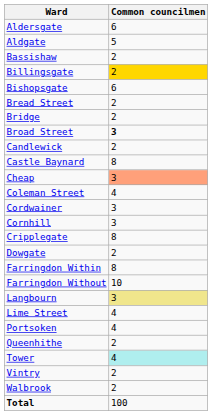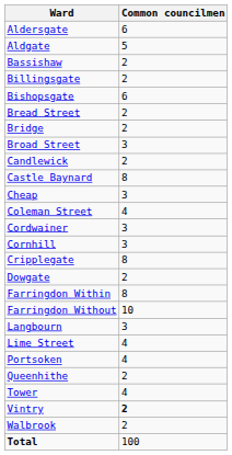 <table class="wikitable">
 <tr>
 <th>Ward</th>
 <th>Common councilmen</th>
 </tr>
 <tr>
 <td><a href='#'>Aldersgate</a></td>
 <td>6</td>
 </tr>
 <tr>
 <td><a href='#'>Aldgate</a></td>
 <td>5</td>
 </tr>
 <tr>
 <td><a href='#'>Bassishaw</a></td>
 <td>2</td>
 </tr>
 <tr>
 <td><a href='#'>Billingsgate</a></td>
-<td style="background: gold;">2</td>
+<td>2</td>
 </tr>
 <tr>
 <td><a href='#'>Bishopsgate</a></td>
 <td>6</td>
 </tr>
 <tr>
 <td><a href='#'>Bread Street</a></td>
 <td>2</td>
 </tr>
 <tr>
 <td><a href='#'>Bridge</a></td>
 <td>2</td>
 </tr>
 <tr>
 <td><a href='#'>Broad Street</a></td>
-<td><strong>3</strong></td>
+<td>3</td>
 </tr>
 <tr>
 <td><a href='#'>Candlewick</a></td>
 <td>2</td>
 </tr>
 <tr>
 <td><a href='#'>Castle Baynard</a></td>
 <td>8</td>
 </tr>
 <tr>
 <td><a href='#'>Cheap</a></td>
-<td style="background: lightsalmon;">3</td>
+<td>3</td>
 </tr>
 <tr>
 <td><a href='#'>Coleman Street</a></td>
 <td>4</td>
 </tr>
 <tr>
 <td><a href='#'>Cordwainer</a></td>
 <td>3</td>
 </tr>
 <tr>
 <td><a href='#'>Cornhill</a></td>
 <td>3</td>
 </tr>
 <tr>
 <td><a href='#'>Cripplegate</a></td>
 <td>8</td>
 </tr>
 <tr>
 <td><a href='#'>Dowgate</a></td>
 <td>2</td>
 </tr>
 <tr>
 <td><a href='#'>Farringdon Within</a></td>
 <td>8</td>
 </tr>
 <tr>
 <td><a href='#'>Farringdon Without</a></td>
 <td>10</td>
 </tr>
 <tr>
 <td><a href='#'>Langbourn</a></td>
-<td style="background: khaki;">3</td>
+<td>3</td>
 </tr>
 <tr>
 <td><a href='#'>Lime Street</a></td>
 <td>4</td>
 </tr>
 <tr>
 <td><a href='#'>Portsoken</a></td>
 <td>4</td>
 </tr>
 <tr>
 <td><a href='#'>Queenhithe</a></td>
 <td>2</td>
 </tr>
 <tr>
 <td><a href='#'>Tower</a></td>
-<td style="background: paleturquoise;">4</td>
+<td>4</td>
 </tr>
 <tr>
 <td><a href='#'>Vintry</a></td>
-<td>2</td>
+<td><strong>2</strong></td>
 </tr>
 <tr>
 <td><a href='#'>Walbrook</a></td>
 <td>2</td>
 </tr>
 <tr>
 <td><strong>Total</strong></td>
 <td>100</td>
 </tr>
 </table>
